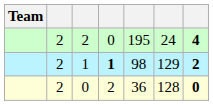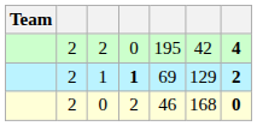 <table class="wikitable" style="text-align:center;">
 <tr>
 <th>Team</th>
 <th width=20></th>
 <th width=20></th>
 <th width=20></th>
 <th width=20></th>
 <th width=20></th>
 <th width=20></th>
 </tr>
 <tr bgcolor="#ccffcc">
 <td align=left></td>
 <td>2</td>
 <td>2</td>
 <td>0</td>
 <td>195</td>
-<td>24</td>
+<td>42</td>
 <td><strong>4</strong></td>
 </tr>
 <tr bgcolor="#BBF3FF">
 <td align=left></td>
 <td>2</td>
 <td>1</td>
 <td><strong>1</strong></td>
-<td>98</td>
+<td>69</td>
 <td>129</td>
 <td><strong>2</strong></td>
 </tr>
 <tr bgcolor="#FFFFD7">
 <td align=left></td>
 <td>2</td>
 <td>0</td>
 <td>2</td>
-<td>36</td>
-<td>128</td>
+<td>46</td>
+<td>168</td>
 <td><strong>0</strong></td>
 </tr>
 </table>
